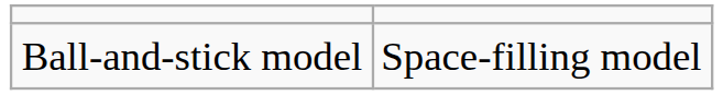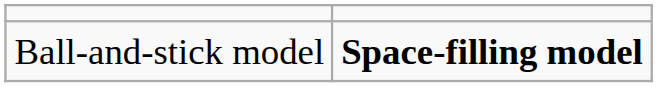 <table class="wikitable" style="margin:1em auto; text-align:center;">
 <tr>
 <td></td>
 <td></td>
 </tr>
 <tr>
 <td>Ball-and-stick model</td>
-<td>Space-filling model</td>
+<td><strong>Space-filling model</strong></td>
 </tr>
 </table>
